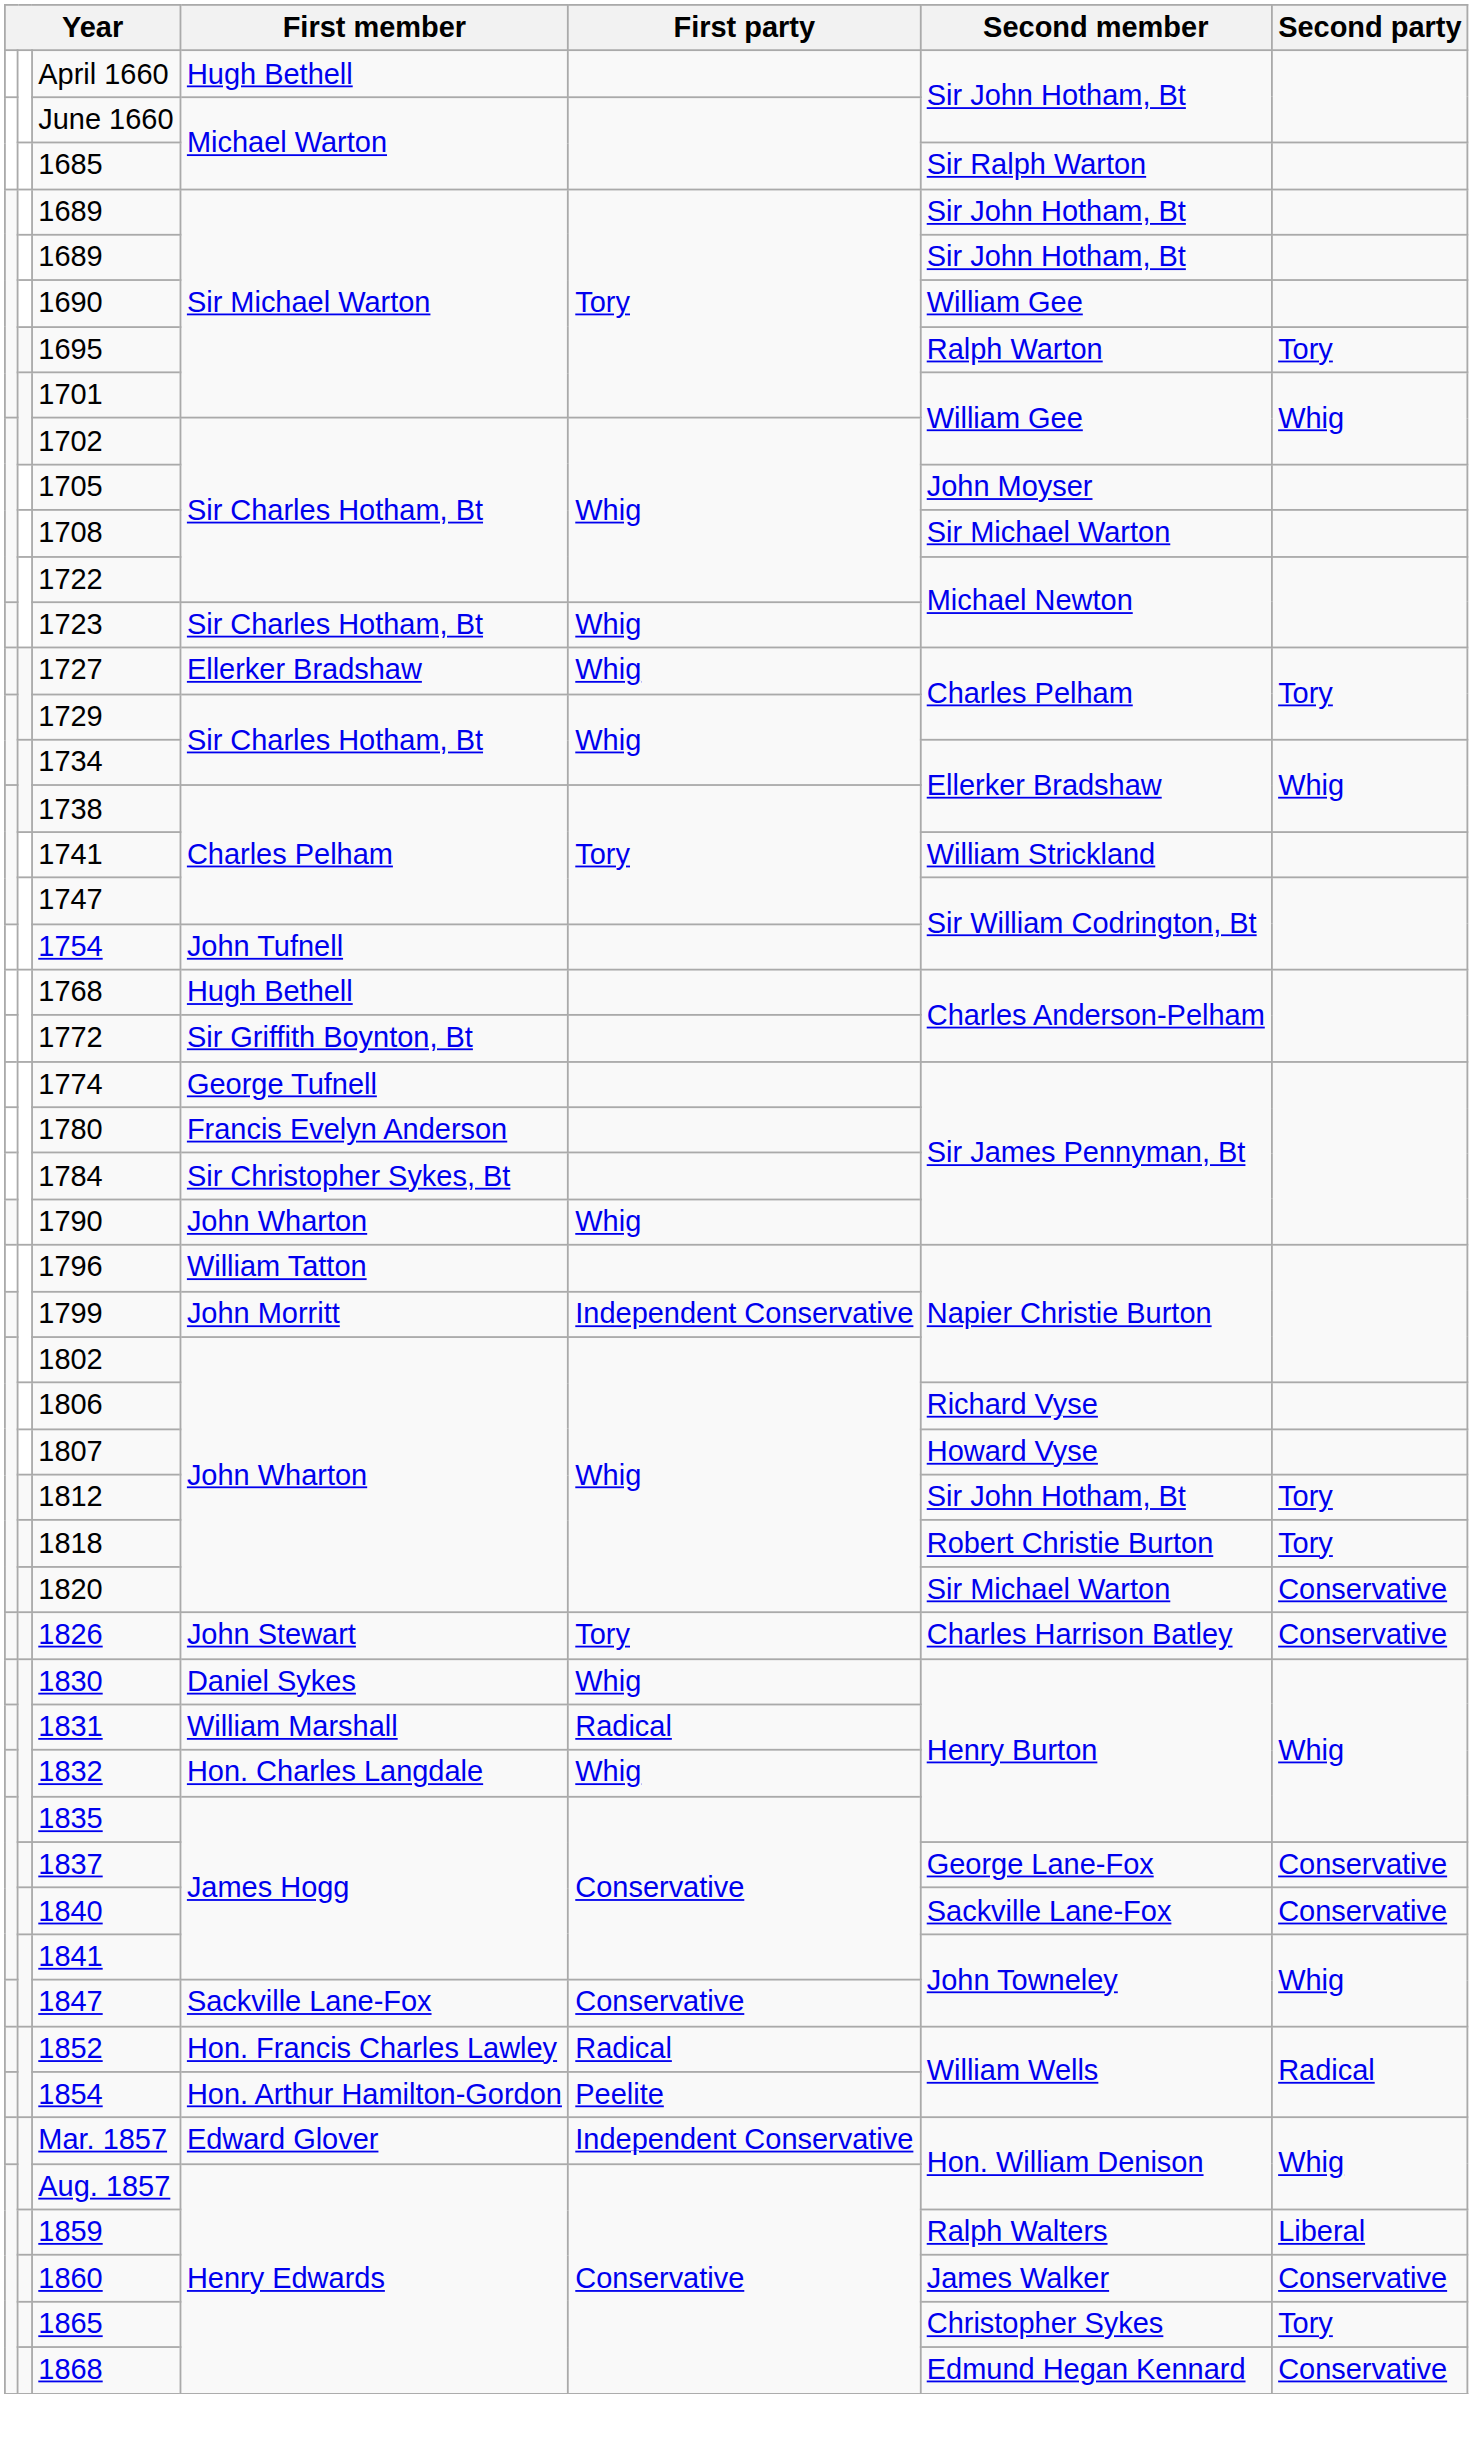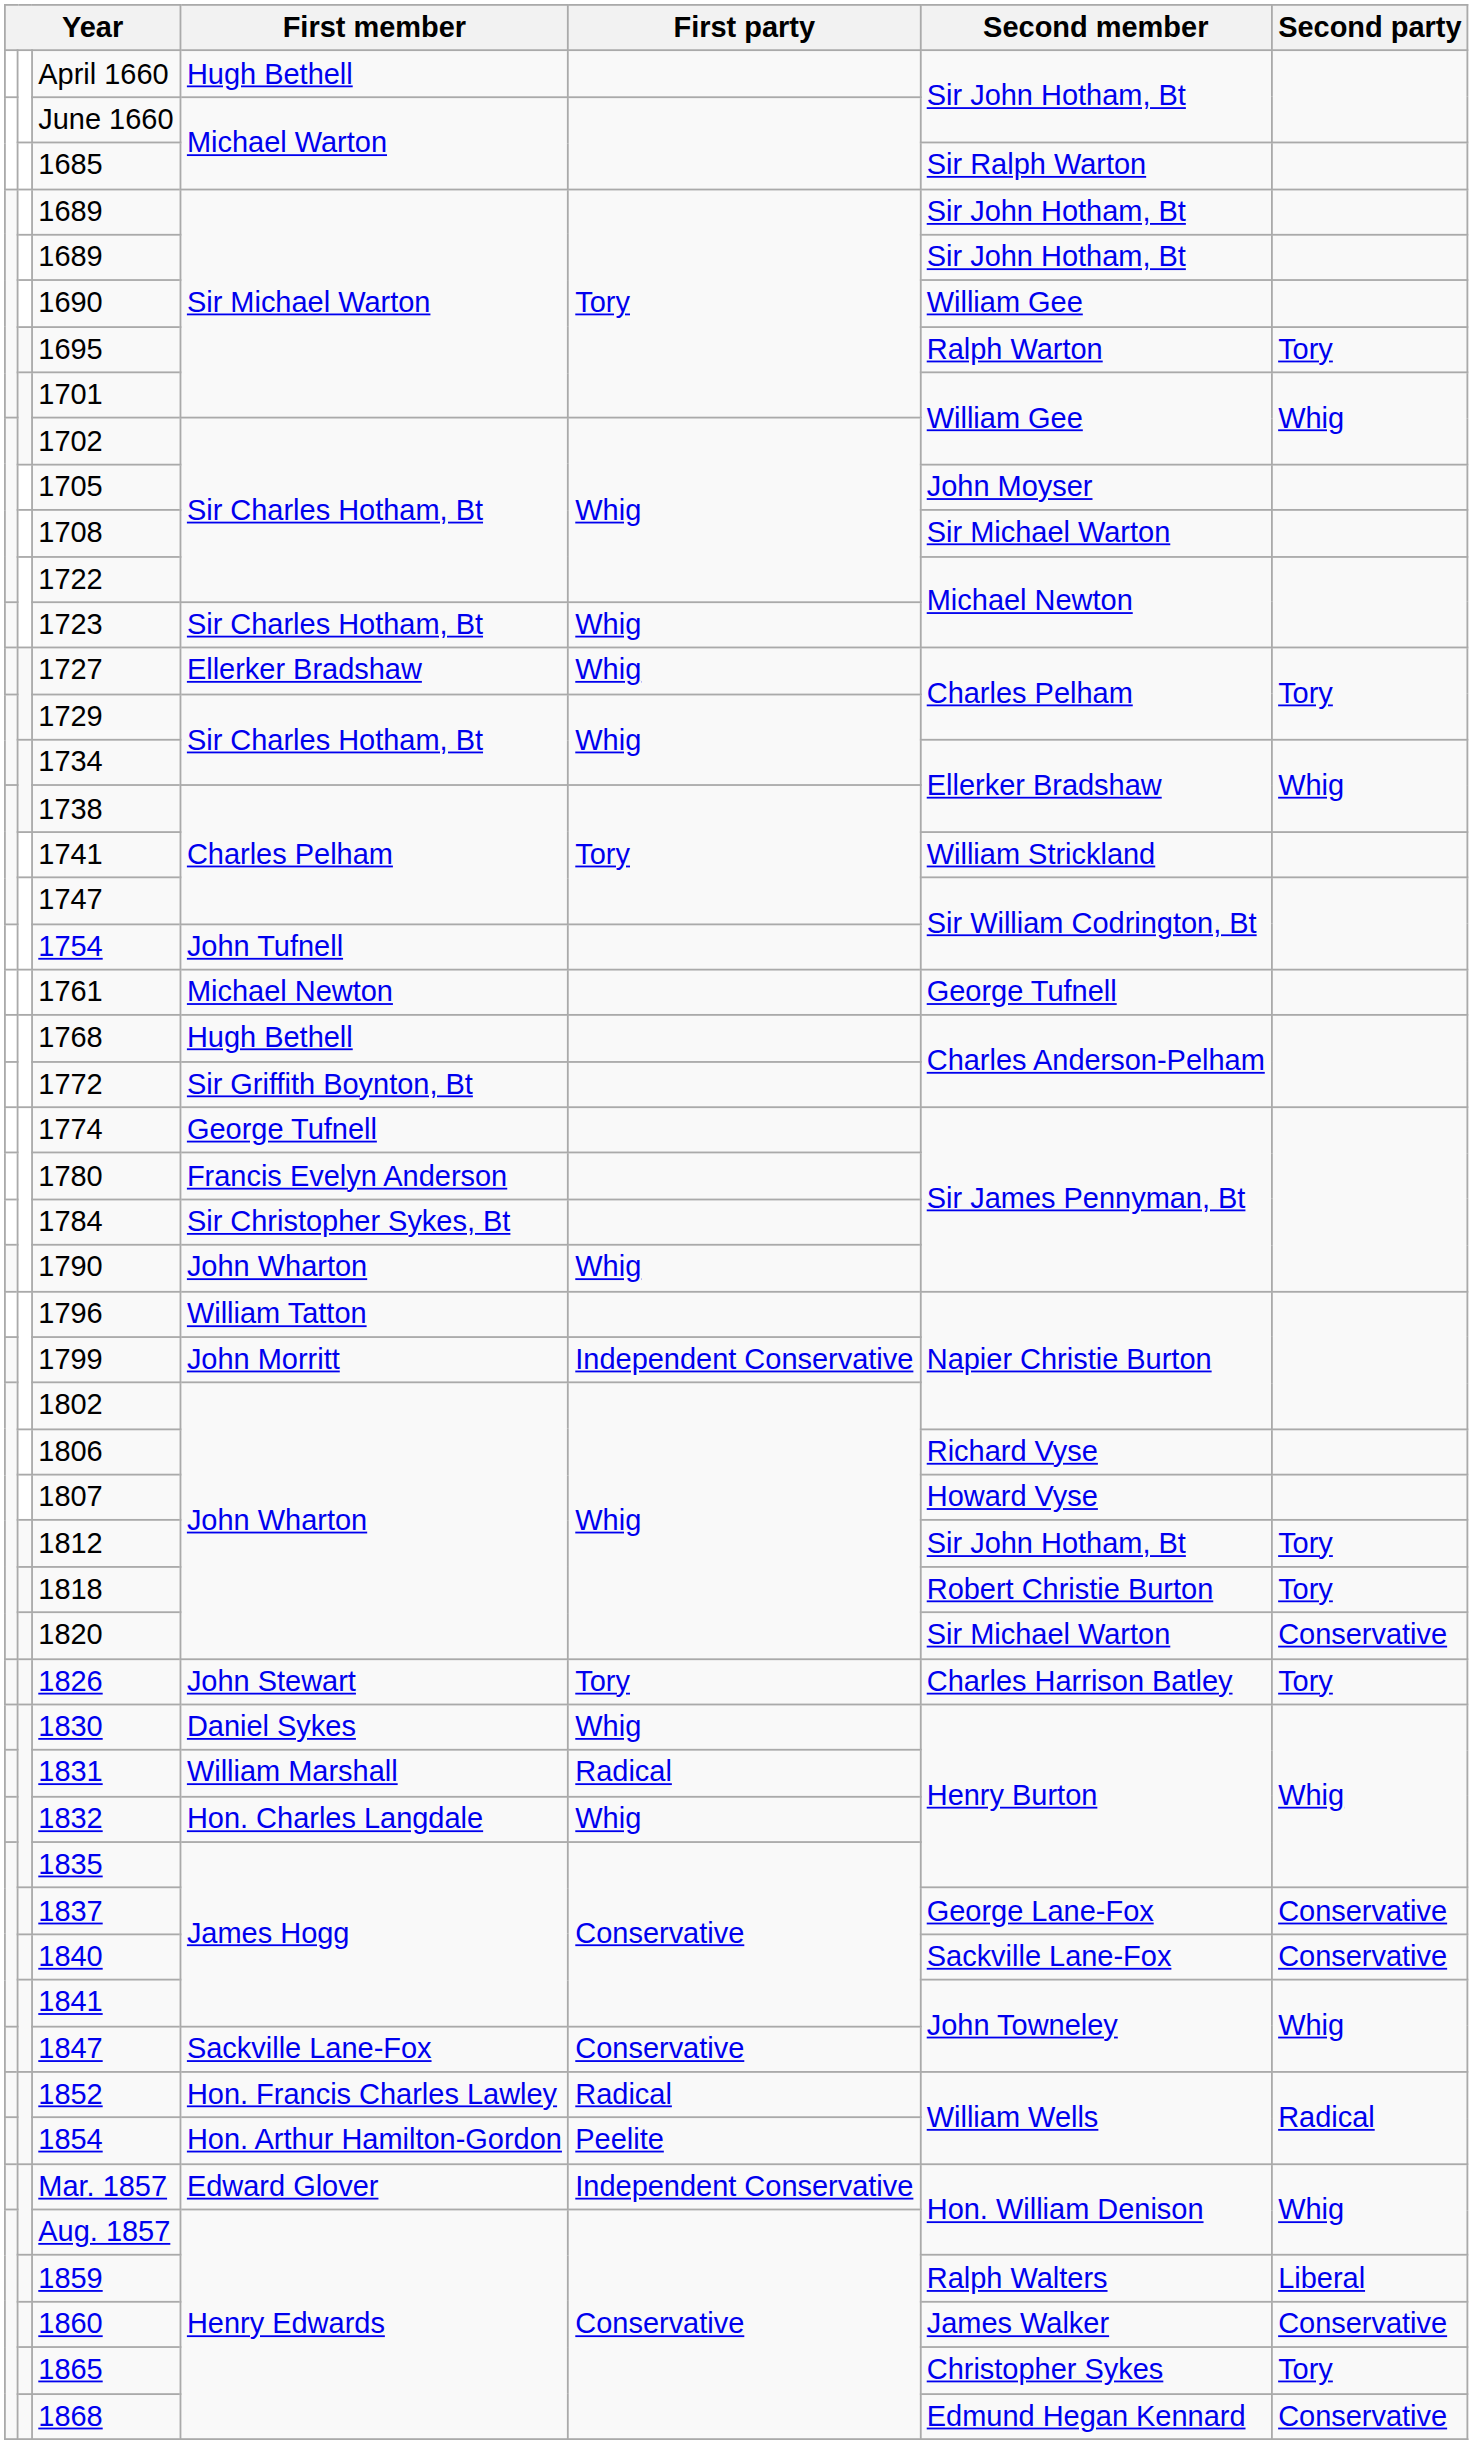 <table class="wikitable">
 <tr>
 <th colspan="3">Year</th>
 <th>First member</th>
 <th>First party</th>
 <th>Second member</th>
 <th>Second party</th>
 </tr>
 <tr>
 <td style="color:inherit;background-color: white"></td>
 <td rowspan="2" style="color:inherit;background-color: white"></td>
 <td>April 1660</td>
 <td><a href='#'>Hugh Bethell</a></td>
 <td></td>
 <td rowspan="2"><a href='#'>Sir John Hotham, Bt</a></td>
 <td rowspan="2"></td>
 </tr>
 <tr>
 <td rowspan="2" style="color:inherit;background-color: white"></td>
 <td>June 1660</td>
 <td rowspan="2"><a href='#'>Michael Warton</a></td>
 <td rowspan="2"></td>
 </tr>
 <tr>
 <td style="color:inherit;background-color: white"></td>
 <td>1685</td>
 <td><a href='#'>Sir Ralph Warton</a></td>
 <td></td>
 </tr>
 <tr>
 <td rowspan="5" style="color:inherit;background-color: "></td>
 <td style="color:inherit;background-color: white"></td>
 <td>1689</td>
 <td rowspan="5"><a href='#'>Sir Michael Warton</a></td>
 <td rowspan="5"><a href='#'>Tory</a></td>
 <td><a href='#'>Sir John Hotham, Bt</a></td>
 <td></td>
 </tr>
 <tr>
 <td style="color:inherit;background-color: white"></td>
 <td>1689</td>
 <td><a href='#'>Sir John Hotham, Bt</a></td>
 <td></td>
 </tr>
 <tr>
 <td style="color:inherit;background-color: white"></td>
 <td>1690</td>
 <td><a href='#'>William Gee</a></td>
 <td></td>
 </tr>
 <tr>
 <td style="color:inherit;background-color: "></td>
 <td>1695</td>
 <td><a href='#'>Ralph Warton</a></td>
 <td><a href='#'>Tory</a></td>
 </tr>
 <tr>
 <td rowspan="2" style="color:inherit;background-color: "></td>
 <td>1701</td>
 <td rowspan="2"><a href='#'>William Gee</a></td>
 <td rowspan="2"><a href='#'>Whig</a></td>
 </tr>
 <tr>
 <td rowspan="4" style="color:inherit;background-color: "></td>
 <td>1702</td>
 <td rowspan="4"><a href='#'>Sir Charles Hotham, Bt</a></td>
 <td rowspan="4"><a href='#'>Whig</a></td>
 </tr>
 <tr>
 <td style="color:inherit;background-color: white"></td>
 <td>1705</td>
 <td><a href='#'>John Moyser</a></td>
 <td></td>
 </tr>
 <tr>
 <td style="color:inherit;background-color: white"></td>
 <td>1708</td>
 <td><a href='#'>Sir Michael Warton</a></td>
 <td></td>
 </tr>
 <tr>
 <td rowspan="2" style="color:inherit;background-color: white"></td>
 <td>1722</td>
 <td rowspan="2"><a href='#'>Michael Newton</a></td>
 <td rowspan="2"></td>
 </tr>
 <tr>
 <td style="color:inherit;background-color: "></td>
 <td>1723</td>
 <td><a href='#'>Sir Charles Hotham, Bt</a></td>
 <td><a href='#'>Whig</a></td>
 </tr>
 <tr>
 <td style="color:inherit;background-color: "></td>
 <td rowspan="2" style="color:inherit;background-color: "></td>
 <td>1727</td>
 <td><a href='#'>Ellerker Bradshaw</a></td>
 <td><a href='#'>Whig</a></td>
 <td rowspan="2"><a href='#'>Charles Pelham</a></td>
 <td rowspan="2"><a href='#'>Tory</a></td>
 </tr>
 <tr>
 <td rowspan="2" style="color:inherit;background-color: "></td>
 <td>1729</td>
 <td rowspan="2"><a href='#'>Sir Charles Hotham, Bt</a></td>
 <td rowspan="2"><a href='#'>Whig</a></td>
 </tr>
 <tr>
 <td rowspan="2" style="color:inherit;background-color: "></td>
 <td>1734</td>
 <td rowspan="2"><a href='#'>Ellerker Bradshaw</a></td>
 <td rowspan="2"><a href='#'>Whig</a></td>
 </tr>
 <tr>
 <td rowspan="3" style="color:inherit;background-color: "></td>
 <td>1738</td>
 <td rowspan="3"><a href='#'>Charles Pelham</a></td>
 <td rowspan="3"><a href='#'>Tory</a></td>
 </tr>
 <tr>
 <td style="color:inherit;background-color: white"></td>
 <td>1741</td>
 <td><a href='#'>William Strickland</a></td>
 <td></td>
 </tr>
 <tr>
 <td rowspan="2" style="color:inherit;background-color: white"></td>
 <td>1747</td>
 <td rowspan="2"><a href='#'>Sir William Codrington, Bt</a></td>
 <td rowspan="2"></td>
 </tr>
 <tr>
 <td style="color:inherit;background-color: white"></td>
 <td><a href='#'>1754</a></td>
 <td><a href='#'>John Tufnell</a></td>
 <td></td>
 </tr>
 <tr>
 <td style="color:inherit;background-color: white"></td>
+<td style="color:inherit;background-color: white"></td>
+<td>1761</td>
+<td><a href='#'>Michael Newton</a></td>
+<td></td>
+<td><a href='#'>George Tufnell</a></td>
+<td></td>
+</tr>
+<tr>
+<td style="color:inherit;background-color: white"></td>
 <td rowspan="2" style="color:inherit;background-color: white"></td>
 <td>1768</td>
 <td><a href='#'>Hugh Bethell</a></td>
 <td></td>
 <td rowspan="2"><a href='#'>Charles Anderson-Pelham</a></td>
 <td rowspan="2"></td>
 </tr>
 <tr>
 <td style="color:inherit;background-color: white"></td>
 <td>1772</td>
 <td><a href='#'>Sir Griffith Boynton, Bt</a></td>
 <td></td>
 </tr>
 <tr>
 <td style="color:inherit;background-color: white"></td>
 <td rowspan="4" style="color:inherit;background-color: white"></td>
 <td>1774</td>
 <td><a href='#'>George Tufnell</a></td>
 <td></td>
 <td rowspan="4"><a href='#'>Sir James Pennyman, Bt</a></td>
 <td rowspan="4"></td>
 </tr>
 <tr>
 <td style="color:inherit;background-color: white"></td>
 <td>1780</td>
 <td><a href='#'>Francis Evelyn Anderson</a></td>
 <td></td>
 </tr>
 <tr>
 <td style="color:inherit;background-color: white"></td>
 <td>1784</td>
 <td><a href='#'>Sir Christopher Sykes, Bt</a></td>
 <td></td>
 </tr>
 <tr>
 <td style="color:inherit;background-color: "></td>
 <td>1790</td>
 <td><a href='#'>John Wharton</a></td>
 <td><a href='#'>Whig</a></td>
 </tr>
 <tr>
 <td style="color:inherit;background-color: white"></td>
 <td rowspan="3" style="color:inherit;background-color: white"></td>
 <td>1796</td>
 <td><a href='#'>William Tatton</a></td>
 <td></td>
 <td rowspan="3"><a href='#'>Napier Christie Burton</a></td>
 <td rowspan="3"></td>
 </tr>
 <tr>
 <td style="color:inherit;background-color: "></td>
 <td>1799</td>
 <td><a href='#'>John Morritt</a></td>
 <td><a href='#'>Independent Conservative</a></td>
 </tr>
 <tr>
 <td rowspan="6" style="color:inherit;background-color: "></td>
 <td>1802</td>
 <td rowspan="6"><a href='#'>John Wharton</a></td>
 <td rowspan="6"><a href='#'>Whig</a></td>
 </tr>
 <tr>
 <td style="color:inherit;background-color: white"></td>
 <td>1806</td>
 <td><a href='#'>Richard Vyse</a></td>
 <td></td>
 </tr>
 <tr>
 <td style="color:inherit;background-color: white"></td>
 <td>1807</td>
 <td><a href='#'>Howard Vyse</a></td>
 <td></td>
 </tr>
 <tr>
 <td style="color:inherit;background-color: "></td>
 <td>1812</td>
 <td><a href='#'>Sir John Hotham, Bt</a></td>
 <td><a href='#'>Tory</a></td>
 </tr>
 <tr>
 <td style="color:inherit;background-color: "></td>
 <td>1818</td>
 <td><a href='#'>Robert Christie Burton</a></td>
 <td><a href='#'>Tory</a></td>
 </tr>
 <tr>
 <td style="color:inherit;background-color: "></td>
 <td>1820</td>
 <td><a href='#'>Sir Michael Warton</a></td>
 <td><a href='#'>Conservative</a></td>
 </tr>
 <tr>
 <td style="color:inherit;background-color: "></td>
 <td style="color:inherit;background-color: "></td>
 <td><a href='#'>1826</a></td>
 <td><a href='#'>John Stewart</a></td>
 <td><a href='#'>Tory</a></td>
 <td><a href='#'>Charles Harrison Batley</a></td>
-<td><a href='#'>Conservative</a></td>
+<td><a href='#'>Tory</a></td>
 </tr>
 <tr>
 <td style="color:inherit;background-color: "></td>
 <td rowspan="4" style="color:inherit;background-color: "></td>
 <td><a href='#'>1830</a></td>
 <td><a href='#'>Daniel Sykes</a></td>
 <td><a href='#'>Whig</a></td>
 <td rowspan="4"><a href='#'>Henry Burton</a></td>
 <td rowspan="4"><a href='#'>Whig</a></td>
 </tr>
 <tr>
 <td style="color:inherit;background-color: "></td>
 <td><a href='#'>1831</a></td>
 <td><a href='#'>William Marshall</a></td>
 <td><a href='#'>Radical</a></td>
 </tr>
 <tr>
 <td style="color:inherit;background-color: "></td>
 <td><a href='#'>1832</a></td>
 <td><a href='#'>Hon. Charles Langdale</a></td>
 <td><a href='#'>Whig</a></td>
 </tr>
 <tr>
 <td rowspan="4" style="color:inherit;background-color: "></td>
 <td><a href='#'>1835</a></td>
 <td rowspan="4"><a href='#'>James Hogg</a></td>
 <td rowspan="4"><a href='#'>Conservative</a></td>
 </tr>
 <tr>
 <td style="color:inherit;background-color: "></td>
 <td><a href='#'>1837</a></td>
 <td><a href='#'>George Lane-Fox</a></td>
 <td><a href='#'>Conservative</a></td>
 </tr>
 <tr>
 <td style="color:inherit;background-color: "></td>
 <td><a href='#'>1840</a></td>
 <td><a href='#'>Sackville Lane-Fox</a></td>
 <td><a href='#'>Conservative</a></td>
 </tr>
 <tr>
 <td rowspan="2" style="color:inherit;background-color: "></td>
 <td><a href='#'>1841</a></td>
 <td rowspan="2"><a href='#'>John Towneley</a></td>
 <td rowspan="2"><a href='#'>Whig</a></td>
 </tr>
 <tr>
 <td style="color:inherit;background-color: "></td>
 <td><a href='#'>1847</a></td>
 <td><a href='#'>Sackville Lane-Fox</a></td>
 <td><a href='#'>Conservative</a></td>
 </tr>
 <tr>
 <td style="color:inherit;background-color: "></td>
 <td rowspan="2" style="color:inherit;background-color: "></td>
 <td><a href='#'>1852</a></td>
 <td><a href='#'>Hon. Francis Charles Lawley</a></td>
 <td><a href='#'>Radical</a></td>
 <td rowspan="2"><a href='#'>William Wells</a></td>
 <td rowspan="2"><a href='#'>Radical</a></td>
 </tr>
 <tr>
 <td style="color:inherit;background-color: "></td>
 <td><a href='#'>1854</a></td>
 <td><a href='#'>Hon. Arthur Hamilton-Gordon</a></td>
 <td><a href='#'>Peelite</a></td>
 </tr>
 <tr>
 <td style="color:inherit;background-color: "></td>
 <td rowspan="2" style="color:inherit;background-color: "></td>
 <td><a href='#'>Mar. 1857</a></td>
 <td><a href='#'>Edward Glover</a></td>
 <td><a href='#'>Independent Conservative</a></td>
 <td rowspan="2"><a href='#'>Hon. William Denison</a></td>
 <td rowspan="2"><a href='#'>Whig</a></td>
 </tr>
 <tr>
 <td rowspan="5" style="color:inherit;background-color: "></td>
 <td><a href='#'>Aug. 1857</a></td>
 <td rowspan="5"><a href='#'>Henry Edwards</a></td>
 <td rowspan="5"><a href='#'>Conservative</a></td>
 </tr>
 <tr>
 <td style="color:inherit;background-color: "></td>
 <td><a href='#'>1859</a></td>
 <td><a href='#'>Ralph Walters</a></td>
 <td><a href='#'>Liberal</a></td>
 </tr>
 <tr>
 <td style="color:inherit;background-color: "></td>
 <td><a href='#'>1860</a></td>
 <td><a href='#'>James Walker</a></td>
 <td><a href='#'>Conservative</a></td>
 </tr>
 <tr>
 <td style="color:inherit;background-color: "></td>
 <td><a href='#'>1865</a></td>
 <td><a href='#'>Christopher Sykes</a></td>
 <td><a href='#'>Tory</a></td>
 </tr>
 <tr>
 <td style="color:inherit;background-color: "></td>
 <td><a href='#'>1868</a></td>
 <td><a href='#'>Edmund Hegan Kennard</a></td>
 <td><a href='#'>Conservative</a></td>
 </tr>
 <tr>
 </tr>
 </table>
